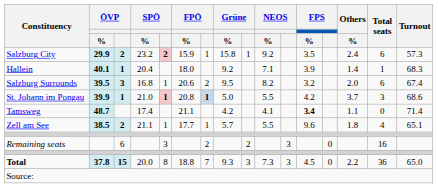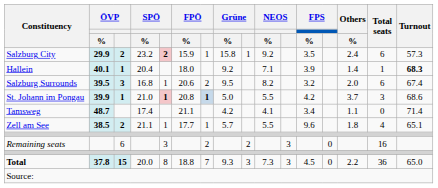 <table class="wikitable" style="text-align:center;font-size:90%;line-height:16px">
 <tr style="height:40px;">
 <th style="width:130px;" rowspan="3">Constituency</th>
 <th style="width:60px;" colspan="2"><a href='#'>ÖVP</a></th>
 <th style="width:60px;" colspan="2"><a href='#'>SPÖ</a></th>
 <th style="width:60px;" colspan="2"><a href='#'>FPÖ</a></th>
 <th style="width:60px;" colspan="2"><a href='#'>Grüne</a></th>
 <th style="width:60px;" colspan="2"><a href='#'>NEOS</a></th>
 <th style="width:60px;" colspan="2"><a href='#'>FPS</a></th>
 <th class="unsortable" style="width:40px;" rowspan="2">Others</th>
 <th class="unsortable" style="width:40px;" rowspan="3">Total<br>seats</th>
 <th class="unsortable" style="width:40px;" rowspan="3">Turnout</th>
 </tr>
 <tr>
 <th colspan="2" style="background:"></th>
 <th colspan="2" style="background:"></th>
 <th colspan="2" style="background:"></th>
 <th colspan="2" style="background:"></th>
 <th colspan="2" style="background:"></th>
 <th colspan="2" style="background:#0057B5;"></th>
 </tr>
 <tr>
 <th class=unsortable>%</th>
 <th class=unsortable></th>
 <th class=unsortable>%</th>
 <th class=unsortable></th>
 <th class=unsortable>%</th>
 <th class=unsortable></th>
 <th class=unsortable>%</th>
 <th class=unsortable></th>
 <th class=unsortable>%</th>
 <th class=unsortable></th>
 <th class=unsortable>%</th>
 <th class=unsortable></th>
 <th class=unsortable>%</th>
 </tr>
 <tr>
 <td align=left><a href='#'>Salzburg City</a></td>
 <td bgcolor=#D2EDF1><strong>29.9</strong></td>
 <td bgcolor=#D2EDF1><strong>2</strong></td>
 <td>23.2</td>
 <td bgcolor=#F4C6C9><strong>2</strong></td>
 <td>15.9</td>
 <td>1</td>
 <td>15.8</td>
 <td>1</td>
 <td>9.2</td>
 <td></td>
 <td>3.5</td>
 <td></td>
 <td>2.4</td>
 <td>6</td>
 <td>57.3</td>
 </tr>
 <tr>
 <td align=left><a href='#'>Hallein</a></td>
 <td bgcolor=#D2EDF1><strong>40.1</strong></td>
 <td bgcolor=#D2EDF1><strong>1</strong></td>
 <td>20.4</td>
 <td></td>
 <td>18.0</td>
 <td></td>
 <td>9.2</td>
 <td></td>
 <td>7.1</td>
 <td></td>
 <td>3.9</td>
 <td></td>
 <td>1.4</td>
 <td>1</td>
-<td>68.3</td>
+<td><strong>68.3</strong></td>
 </tr>
 <tr>
 <td align=left><a href='#'>Salzburg Surrounds</a></td>
 <td bgcolor=#D2EDF1><strong>39.5</strong></td>
 <td bgcolor=#D2EDF1><strong>3</strong></td>
 <td>16.8</td>
 <td>1</td>
 <td>20.6</td>
 <td>2</td>
 <td>9.5</td>
 <td></td>
 <td>8.2</td>
 <td></td>
 <td>3.2</td>
 <td></td>
 <td>2.0</td>
 <td>6</td>
 <td>67.4</td>
 </tr>
 <tr>
 <td align=left><a href='#'>St. Johann im Pongau</a></td>
 <td bgcolor=#D2EDF1><strong>39.9</strong></td>
 <td bgcolor=#D2EDF1><strong>1</strong></td>
 <td>21.0</td>
 <td bgcolor=#F4C6C9><strong>1</strong></td>
 <td>20.8</td>
 <td bgcolor=#C6D9EA><strong>1</strong></td>
 <td>5.0</td>
 <td></td>
 <td>5.5</td>
 <td></td>
 <td>4.2</td>
 <td></td>
 <td>3.7</td>
 <td>3</td>
 <td>68.6</td>
 </tr>
 <tr>
 <td align=left><a href='#'>Tamsweg</a></td>
 <td bgcolor=#D2EDF1><strong>48.7</strong></td>
 <td></td>
 <td>17.4</td>
 <td></td>
 <td>21.1</td>
 <td></td>
 <td>4.2</td>
 <td></td>
 <td>4.1</td>
 <td></td>
-<td><strong>3.4</strong></td>
+<td>3.4</td>
 <td></td>
 <td>1.1</td>
 <td>0</td>
 <td>71.4</td>
 </tr>
 <tr>
 <td align=left><a href='#'>Zell am See</a></td>
 <td bgcolor=#D2EDF1><strong>38.5</strong></td>
 <td bgcolor=#D2EDF1><strong>2</strong></td>
 <td>21.1</td>
 <td>1</td>
 <td>17.7</td>
 <td>1</td>
 <td>5.7</td>
 <td></td>
 <td>5.5</td>
 <td></td>
 <td>9.6</td>
 <td></td>
 <td>1.8</td>
 <td>4</td>
 <td>65.1</td>
 </tr>
 <tr>
 <td colspan=16 bgcolor=lightgrey></td>
 </tr>
 <tr>
 <td align=left><em>Remaining seats</em></td>
 <td></td>
 <td>6</td>
 <td></td>
 <td>3</td>
 <td></td>
 <td>2</td>
 <td></td>
 <td>2</td>
 <td></td>
 <td>3</td>
 <td></td>
 <td>0</td>
 <td></td>
 <td>16</td>
 <td></td>
 </tr>
 <tr>
 <td colspan=16 bgcolor=lightgrey></td>
 </tr>
 <tr>
 <td align=left><strong>Total</strong></td>
 <td bgcolor=#D2EDF1><strong>37.8</strong></td>
 <td bgcolor=#D2EDF1><strong>15</strong></td>
 <td>20.0</td>
 <td>8</td>
 <td>18.8</td>
 <td>7</td>
 <td>9.3</td>
 <td>3</td>
 <td>7.3</td>
 <td>3</td>
 <td>4.5</td>
 <td>0</td>
 <td>2.2</td>
 <td>36</td>
 <td>65.0</td>
 </tr>
 <tr class=sortbottom>
 <td colspan=16 align=left>Source: </td>
 </tr>
 </table>
